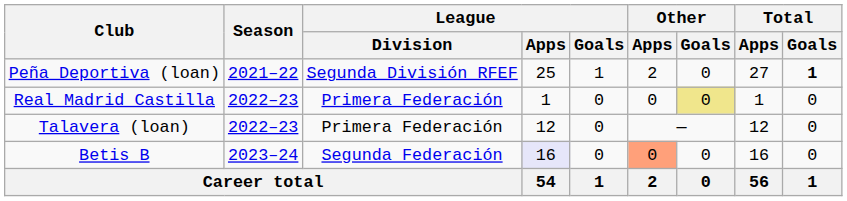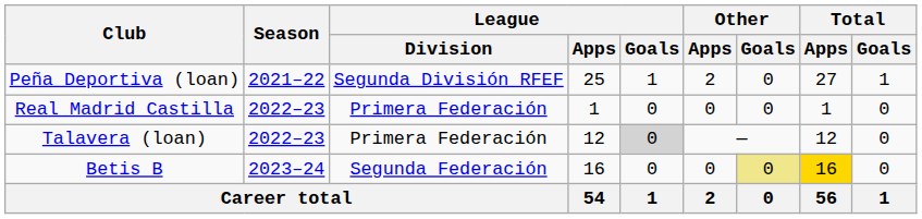 <table class="wikitable" style="text-align:center">
 <tr>
 <th rowspan="2">Club</th>
 <th rowspan="2">Season</th>
 <th colspan="3">League</th>
 <th colspan="2">Other</th>
 <th colspan="2">Total</th>
 </tr>
 <tr>
 <th>Division</th>
 <th>Apps</th>
 <th>Goals</th>
 <th>Apps</th>
 <th>Goals</th>
 <th>Apps</th>
 <th>Goals</th>
 </tr>
 <tr>
 <td><a href='#'>Peña Deportiva</a> (loan)</td>
 <td><a href='#'>2021–22</a></td>
 <td><a href='#'>Segunda División RFEF</a></td>
 <td>25</td>
 <td>1</td>
 <td>2</td>
 <td>0</td>
 <td>27</td>
-<td><strong>1</strong></td>
+<td>1</td>
 </tr>
 <tr>
 <td><a href='#'>Real Madrid Castilla</a></td>
 <td><a href='#'>2022–23</a></td>
 <td><a href='#'>Primera Federación</a></td>
 <td>1</td>
 <td>0</td>
 <td>0</td>
-<td style="background: khaki;">0</td>
+<td>0</td>
 <td>1</td>
 <td>0</td>
 </tr>
 <tr>
 <td><a href='#'>Talavera</a> (loan)</td>
 <td><a href='#'>2022–23</a></td>
 <td>Primera Federación</td>
 <td>12</td>
-<td>0</td>
+<td style="background: lightgrey;">0</td>
 <td colspan="2">—</td>
 <td>12</td>
 <td>0</td>
 </tr>
 <tr>
 <td><a href='#'>Betis B</a></td>
 <td><a href='#'>2023–24</a></td>
 <td><a href='#'>Segunda Federación</a></td>
-<td style="background: lavender;">16</td>
+<td>16</td>
 <td>0</td>
-<td style="background: lightsalmon;">0</td>
 <td>0</td>
-<td>16</td>
+<td style="background: khaki;">0</td>
+<td style="background: gold;">16</td>
 <td>0</td>
 </tr>
 <tr>
 <th colspan="3">Career total</th>
 <th>54</th>
 <th>1</th>
 <th>2</th>
 <th>0</th>
 <th>56</th>
 <th>1</th>
 </tr>
 </table>
